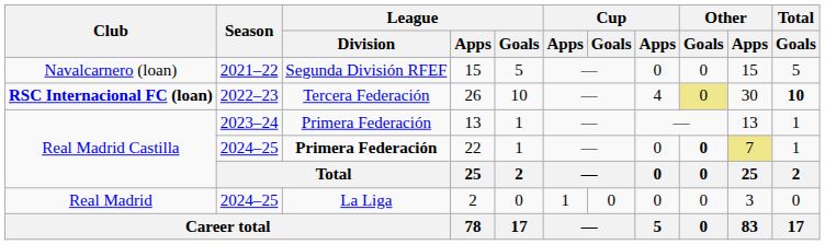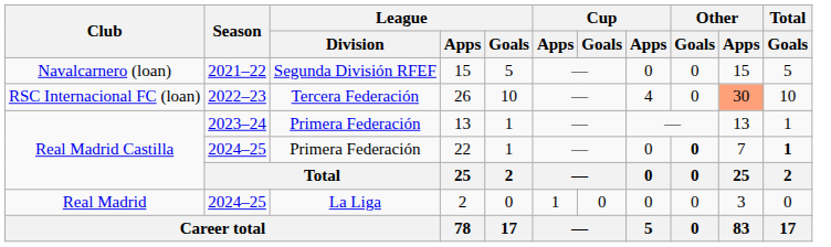 <table class="wikitable" style="text-align:center">
 <tr>
 <th rowspan="2">Club</th>
 <th rowspan="2">Season</th>
 <th colspan="3">League</th>
 <th colspan="3">Cup</th>
 <th colspan="2">Other</th>
 <th colspan="2">Total</th>
 </tr>
 <tr>
 <th>Division</th>
 <th>Apps</th>
 <th>Goals</th>
 <th>Apps</th>
 <th>Goals</th>
 <th>Apps</th>
 <th>Goals</th>
 <th>Apps</th>
 <th>Goals</th>
 </tr>
 <tr>
 <td><a href='#'>Navalcarnero</a> (loan)</td>
 <td><a href='#'>2021–22</a></td>
 <td><a href='#'>Segunda División RFEF</a></td>
 <td>15</td>
 <td>5</td>
 <td colspan="2">—</td>
 <td>0</td>
 <td>0</td>
 <td>15</td>
 <td>5</td>
 </tr>
 <tr>
-<td><strong><a href='#'>RSC Internacional FC</a> (loan)</strong></td>
+<td><a href='#'>RSC Internacional FC</a> (loan)</td>
 <td><a href='#'>2022–23</a></td>
 <td><a href='#'>Tercera Federación</a></td>
 <td>26</td>
 <td>10</td>
 <td colspan="2">—</td>
 <td>4</td>
-<td style="background: khaki;">0</td>
-<td>30</td>
-<td><strong>10</strong></td>
+<td>0</td>
+<td style="background: lightsalmon;">30</td>
+<td>10</td>
 </tr>
 <tr>
 <td rowspan="3"><a href='#'>Real Madrid Castilla</a></td>
 <td><a href='#'>2023–24</a></td>
 <td><a href='#'>Primera Federación</a></td>
 <td>13</td>
 <td>1</td>
 <td colspan="2">—</td>
 <td colspan="2">—</td>
 <td>13</td>
 <td>1</td>
 </tr>
 <tr>
 <td><a href='#'>2024–25</a></td>
-<td><strong>Primera Federación</strong></td>
+<td>Primera Federación</td>
 <td>22</td>
 <td>1</td>
 <td colspan="2">—</td>
 <td>0</td>
 <td><strong>0</strong></td>
-<td style="background: khaki;">7</td>
-<td>1</td>
+<td>7</td>
+<td><strong>1</strong></td>
 </tr>
 <tr>
 <th colspan="2">Total</th>
 <th>25</th>
 <th>2</th>
 <th colspan="2">—</th>
 <th>0</th>
 <th>0</th>
 <th>25</th>
 <th>2</th>
 </tr>
 <tr>
 <td><a href='#'>Real Madrid</a></td>
 <td><a href='#'>2024–25</a></td>
 <td><a href='#'>La Liga</a></td>
 <td>2</td>
 <td>0</td>
 <td>1</td>
 <td>0</td>
 <td>0</td>
 <td>0</td>
 <td>3</td>
 <td>0</td>
 </tr>
 <tr>
 <th colspan="3">Career total</th>
 <th>78</th>
 <th>17</th>
 <th colspan="2">—</th>
 <th>5</th>
 <th>0</th>
 <th>83</th>
 <th>17</th>
 </tr>
 </table>
